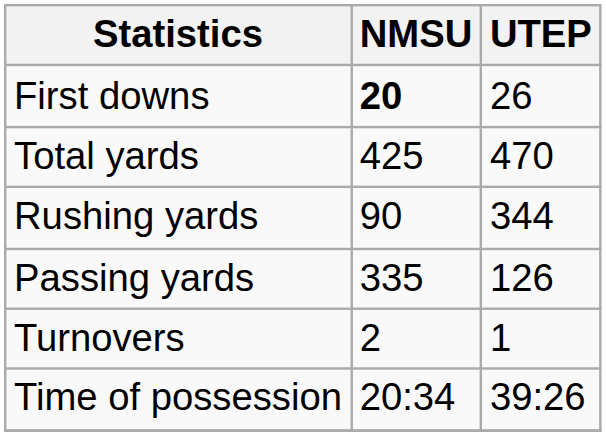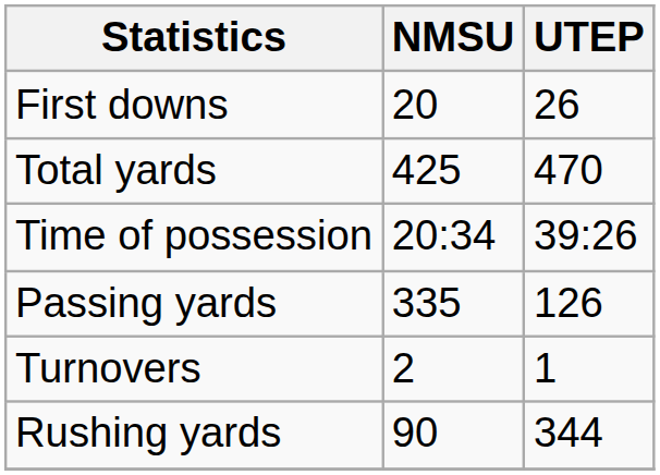 <table class="wikitable">
 <tr>
 <th>Statistics</th>
 <th>NMSU</th>
 <th>UTEP</th>
 </tr>
 <tr>
 <td>First downs</td>
-<td><strong>20</strong></td>
+<td>20</td>
 <td>26</td>
 </tr>
 <tr>
 <td>Total yards</td>
 <td>425</td>
 <td>470</td>
 </tr>
 <tr>
-<td>Rushing yards</td>
-<td>90</td>
-<td>344</td>
+<td>Time of possession</td>
+<td>20:34</td>
+<td>39:26</td>
 </tr>
 <tr>
 <td>Passing yards</td>
 <td>335</td>
 <td>126</td>
 </tr>
 <tr>
 <td>Turnovers</td>
 <td>2</td>
 <td>1</td>
 </tr>
 <tr>
-<td>Time of possession</td>
-<td>20:34</td>
-<td>39:26</td>
+<td>Rushing yards</td>
+<td>90</td>
+<td>344</td>
 </tr>
 <tr>
 </tr>
 </table>
